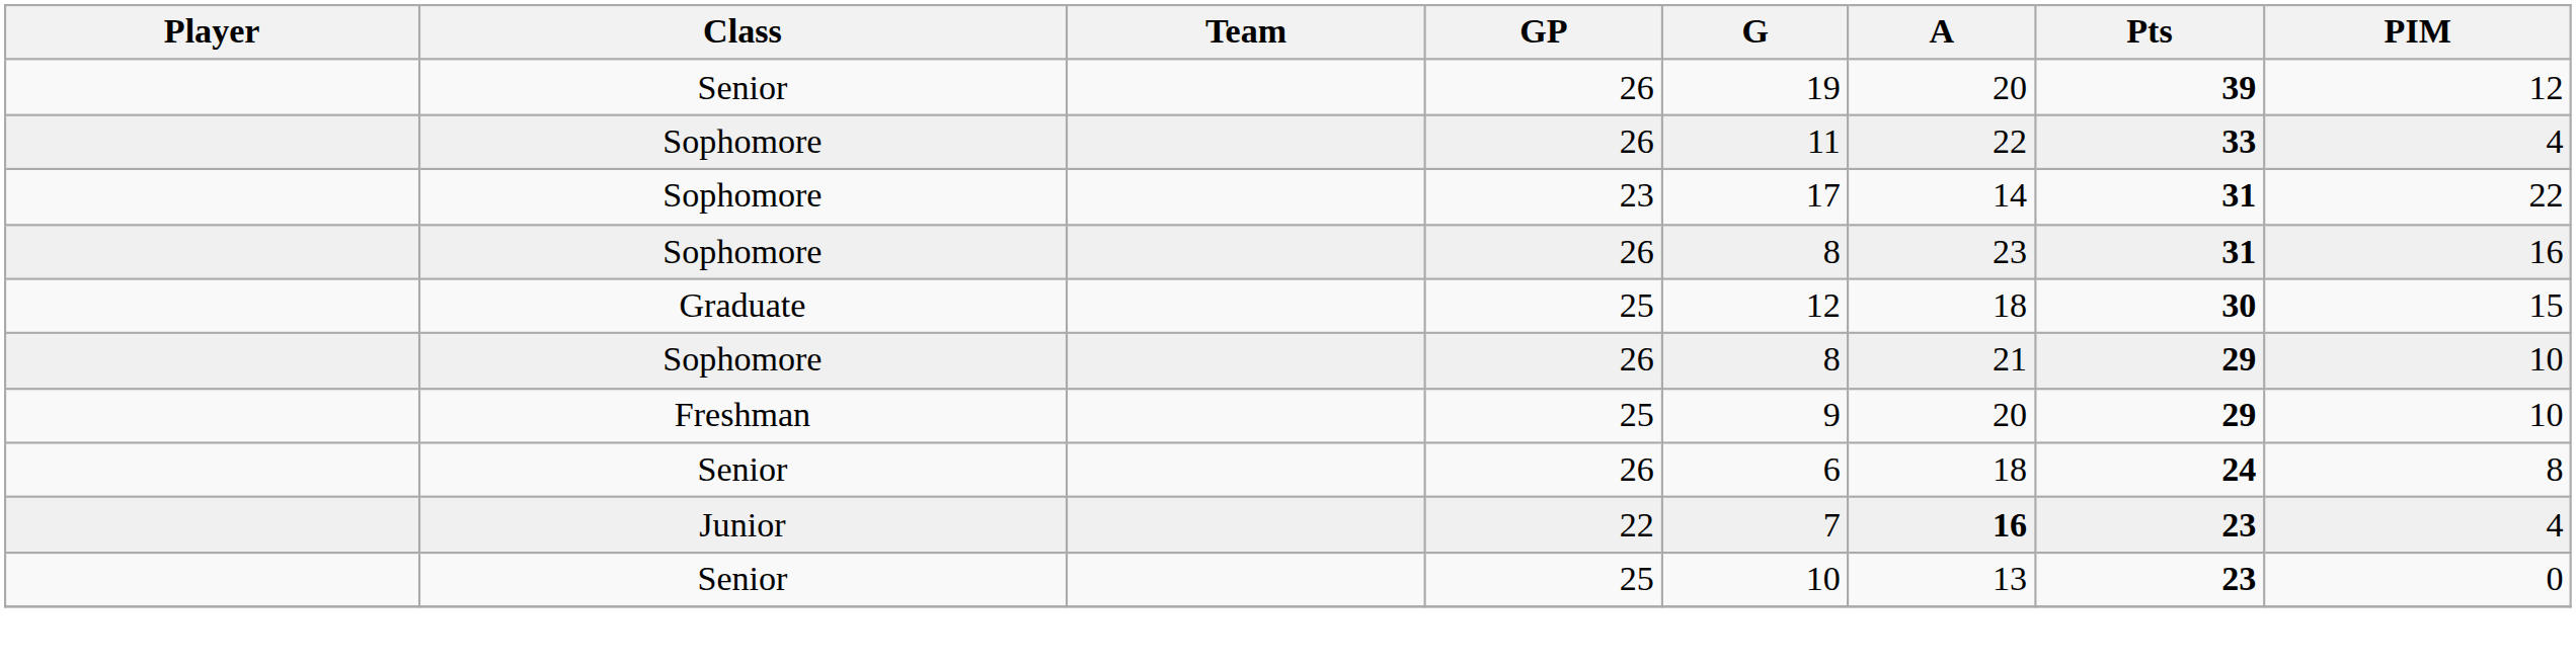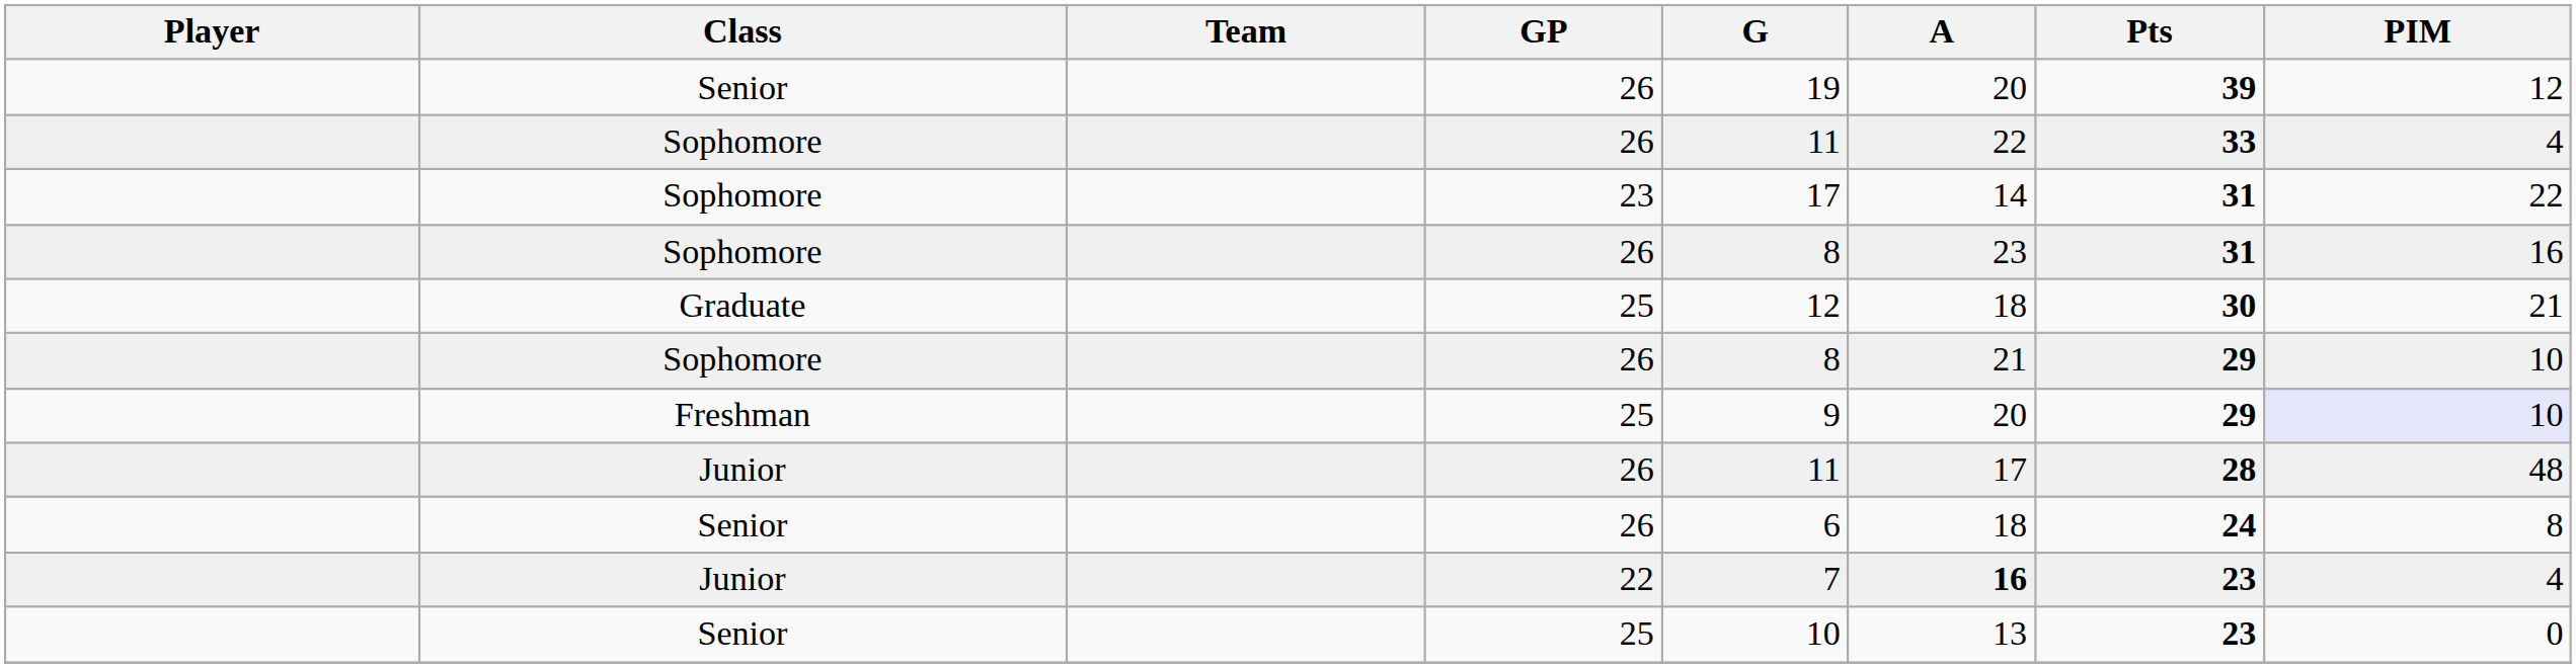 <table class="wikitable sortable" style="text-align: center; "width=60%">
 <tr>
 <th>Player</th>
 <th>Class</th>
 <th>Team</th>
 <th>GP</th>
 <th>G</th>
 <th>A</th>
 <th>Pts</th>
 <th>PIM</th>
 </tr>
 <tr>
 <td style="text-align: left"></td>
 <td>Senior</td>
 <td><strong><a href='#'></a></strong></td>
 <td style="text-align: right">26</td>
 <td style="text-align: right">19</td>
 <td style="text-align: right">20</td>
 <td style="text-align: right"><strong>39</strong></td>
 <td style="text-align: right">12</td>
 </tr>
 <tr bgcolor=f0f0f0>
 <td style="text-align: left"></td>
 <td>Sophomore</td>
 <td><strong><a href='#'></a></strong></td>
 <td style="text-align: right">26</td>
 <td style="text-align: right">11</td>
 <td style="text-align: right">22</td>
 <td style="text-align: right"><strong>33</strong></td>
 <td style="text-align: right">4</td>
 </tr>
 <tr>
 <td style="text-align: left"></td>
 <td>Sophomore</td>
 <td><strong><a href='#'></a></strong></td>
 <td style="text-align: right">23</td>
 <td style="text-align: right">17</td>
 <td style="text-align: right">14</td>
 <td style="text-align: right"><strong>31</strong></td>
 <td style="text-align: right">22</td>
 </tr>
 <tr bgcolor=f0f0f0>
 <td style="text-align: left"></td>
 <td>Sophomore</td>
 <td><strong><a href='#'></a></strong></td>
 <td style="text-align: right">26</td>
 <td style="text-align: right">8</td>
 <td style="text-align: right">23</td>
 <td style="text-align: right"><strong>31</strong></td>
 <td style="text-align: right">16</td>
 </tr>
 <tr>
 <td style="text-align: left"></td>
 <td>Graduate</td>
 <td><strong><a href='#'></a></strong></td>
 <td style="text-align: right">25</td>
 <td style="text-align: right">12</td>
 <td style="text-align: right">18</td>
 <td style="text-align: right"><strong>30</strong></td>
-<td style="text-align: right">15</td>
+<td style="text-align: right">21</td>
 </tr>
 <tr bgcolor=f0f0f0>
 <td style="text-align: left"></td>
 <td>Sophomore</td>
 <td><strong><a href='#'></a></strong></td>
 <td style="text-align: right">26</td>
 <td style="text-align: right">8</td>
 <td style="text-align: right">21</td>
 <td style="text-align: right"><strong>29</strong></td>
 <td style="text-align: right">10</td>
 </tr>
 <tr>
 <td style="text-align: left"></td>
 <td>Freshman</td>
 <td><strong><a href='#'></a></strong></td>
 <td style="text-align: right">25</td>
 <td style="text-align: right">9</td>
 <td style="text-align: right">20</td>
 <td style="text-align: right"><strong>29</strong></td>
-<td style="text-align: right">10</td>
+<td style="background: lavender; text-align: right">10</td>
+</tr>
+<tr bgcolor=f0f0f0>
+<td style="text-align: left"></td>
+<td>Junior</td>
+<td><strong><a href='#'></a></strong></td>
+<td style="text-align: right">26</td>
+<td style="text-align: right">11</td>
+<td style="text-align: right">17</td>
+<td style="text-align: right"><strong>28</strong></td>
+<td style="text-align: right">48</td>
 </tr>
 <tr>
 <td style="text-align: left"></td>
 <td>Senior</td>
 <td><strong><a href='#'></a></strong></td>
 <td style="text-align: right">26</td>
 <td style="text-align: right">6</td>
 <td style="text-align: right">18</td>
 <td style="text-align: right"><strong>24</strong></td>
 <td style="text-align: right">8</td>
 </tr>
 <tr bgcolor=f0f0f0>
 <td style="text-align: left"></td>
 <td>Junior</td>
 <td><strong><a href='#'></a></strong></td>
 <td style="text-align: right">22</td>
 <td style="text-align: right">7</td>
 <td style="text-align: right"><strong>16</strong></td>
 <td style="text-align: right"><strong>23</strong></td>
 <td style="text-align: right">4</td>
 </tr>
 <tr>
 <td style="text-align: left"></td>
 <td>Senior</td>
 <td><strong><a href='#'></a></strong></td>
 <td style="text-align: right">25</td>
 <td style="text-align: right">10</td>
 <td style="text-align: right">13</td>
 <td style="text-align: right"><strong>23</strong></td>
 <td style="text-align: right">0</td>
 </tr>
 <tr>
 </tr>
 </table>
